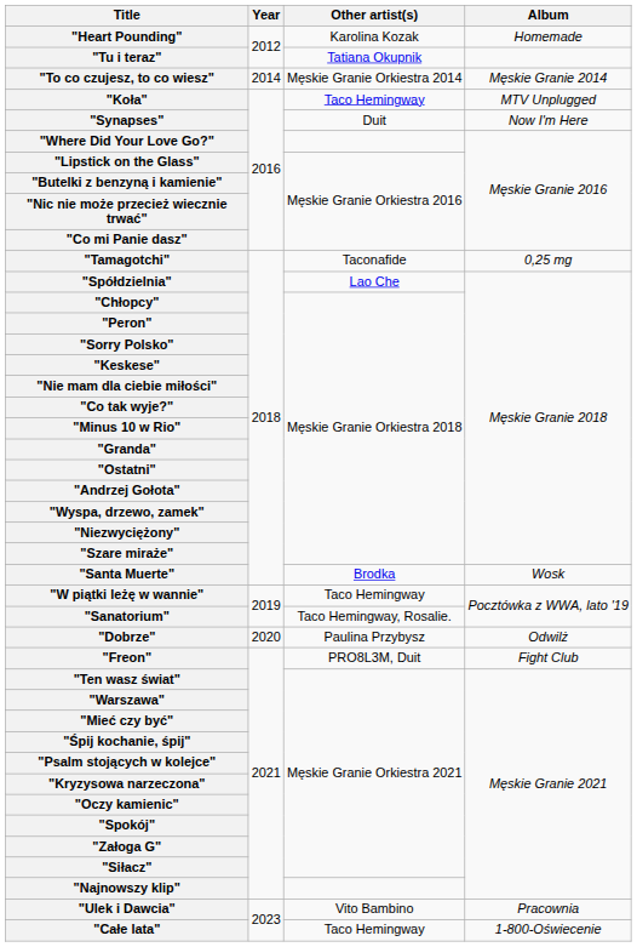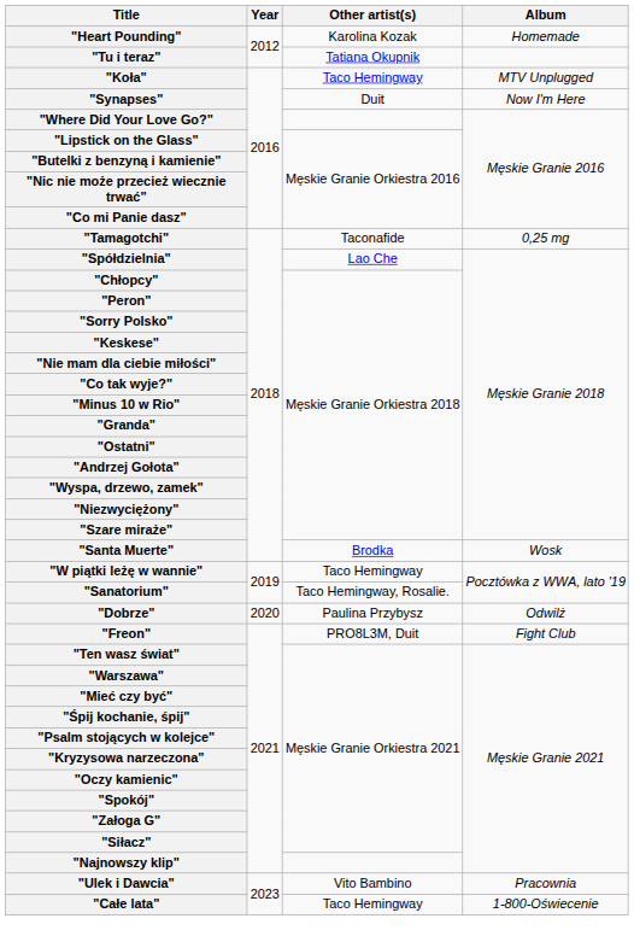 <table class="wikitable plainrowheaders" style="text-align:center;">
 <tr>
 <th scope="col" style="width:18em;">Title</th>
 <th scope="col">Year</th>
 <th scope="col">Other artist(s)</th>
 <th scope="col">Album</th>
 </tr>
 <tr>
 <th scope="row">"Heart Pounding"</th>
 <td rowspan="2">2012</td>
 <td>Karolina Kozak</td>
 <td><em>Homemade</em></td>
 </tr>
 <tr>
 <th scope="row">"Tu i teraz"</th>
 <td><a href='#'>Tatiana Okupnik</a></td>
 <td></td>
-</tr>
-<tr>
-<th scope="row">"To co czujesz, to co wiesz"</th>
-<td>2014</td>
-<td>Męskie Granie Orkiestra 2014</td>
-<td><em>Męskie Granie 2014</em></td>
 </tr>
 <tr>
 <th scope="row">"Koła"</th>
 <td rowspan="7">2016</td>
 <td><a href='#'>Taco Hemingway</a></td>
 <td><em>MTV Unplugged</em></td>
 </tr>
 <tr>
 <th scope="row">"Synapses"</th>
 <td>Duit</td>
 <td><em>Now I'm Here</em></td>
 </tr>
 <tr>
 <th scope="row">"Where Did Your Love Go?"</th>
 <td></td>
 <td rowspan="5"><em>Męskie Granie 2016</em></td>
 </tr>
 <tr>
 <th scope="row">"Lipstick on the Glass"</th>
 <td rowspan="4">Męskie Granie Orkiestra 2016</td>
 </tr>
 <tr>
 <th scope="row">"Butelki z benzyną i kamienie"</th>
 </tr>
 <tr>
 <th scope="row">"Nic nie może przecież wiecznie trwać"</th>
 </tr>
 <tr>
 <th scope="row">"Co mi Panie dasz"</th>
 </tr>
 <tr>
 <th scope="row">"Tamagotchi" </th>
 <td rowspan="16">2018</td>
 <td>Taconafide</td>
 <td><em>0,25 mg</em></td>
 </tr>
 <tr>
 <th scope="row">"Spółdzielnia"</th>
 <td><a href='#'>Lao Che</a></td>
 <td rowspan="14"><em>Męskie Granie 2018</em></td>
 </tr>
 <tr>
 <th scope="row">"Chłopcy"</th>
 <td rowspan="13">Męskie Granie Orkiestra 2018</td>
 </tr>
 <tr>
 <th scope="row">"Peron"</th>
 </tr>
 <tr>
 <th scope="row">"Sorry Polsko"</th>
 </tr>
 <tr>
 <th scope="row">"Keskese"</th>
 </tr>
 <tr>
 <th scope="row">"Nie mam dla ciebie miłości"</th>
 </tr>
 <tr>
 <th scope="row">"Co tak wyje?"</th>
 </tr>
 <tr>
 <th scope="row">"Minus 10 w Rio"</th>
 </tr>
 <tr>
 <th scope="row">"Granda"</th>
 </tr>
 <tr>
 <th scope="row">"Ostatni"</th>
 </tr>
 <tr>
 <th scope="row">"Andrzej Gołota"</th>
 </tr>
 <tr>
 <th scope="row">"Wyspa, drzewo, zamek"</th>
 </tr>
 <tr>
 <th scope="row">"Niezwyciężony"</th>
 </tr>
 <tr>
 <th scope="row">"Szare miraże"</th>
 </tr>
 <tr>
 <th scope="row">"Santa Muerte"</th>
 <td><a href='#'>Brodka</a></td>
 <td><em>Wosk</em></td>
 </tr>
 <tr>
 <th scope="row">"W piątki leżę w wannie"</th>
 <td rowspan="2">2019</td>
 <td>Taco Hemingway</td>
 <td rowspan="2"><em>Pocztówka z WWA, lato '19</em></td>
 </tr>
 <tr>
 <th scope="row">"Sanatorium"</th>
 <td>Taco Hemingway, Rosalie.</td>
 </tr>
 <tr>
 <th scope="row">"Dobrze"</th>
 <td>2020</td>
 <td>Paulina Przybysz</td>
 <td><em>Odwilż</em></td>
 </tr>
 <tr>
 <th scope="row">"Freon"</th>
 <td rowspan="12">2021</td>
 <td>PRO8L3M, Duit</td>
 <td><em>Fight Club</em></td>
 </tr>
 <tr>
 <th scope="row">"Ten wasz świat"</th>
 <td rowspan="10">Męskie Granie Orkiestra 2021</td>
 <td rowspan="11"><em>Męskie Granie 2021</em></td>
 </tr>
 <tr>
 <th scope="row">"Warszawa"</th>
 </tr>
 <tr>
 <th scope="row">"Mieć czy być"</th>
 </tr>
 <tr>
 <th scope="row">"Śpij kochanie, śpij"</th>
 </tr>
 <tr>
 <th scope="row">"Psalm stojących w kolejce"</th>
 </tr>
 <tr>
 <th scope="row">"Kryzysowa narzeczona"</th>
 </tr>
 <tr>
 <th scope="row">"Oczy kamienic"</th>
 </tr>
 <tr>
 <th scope="row">"Spokój"</th>
 </tr>
 <tr>
 <th scope="row">"Załoga G"</th>
 </tr>
 <tr>
 <th scope="row">"Siłacz"</th>
 </tr>
 <tr>
 <th scope="row">"Najnowszy klip"</th>
 <td></td>
 </tr>
 <tr>
 <th scope="row">"Ulek i Dawcia"</th>
 <td rowspan="2">2023</td>
 <td>Vito Bambino</td>
 <td><em>Pracownia</em></td>
 </tr>
 <tr>
 <th scope="row">"Całe lata"</th>
 <td>Taco Hemingway</td>
 <td><em>1-800-Oświecenie</em></td>
 </tr>
 </table>
